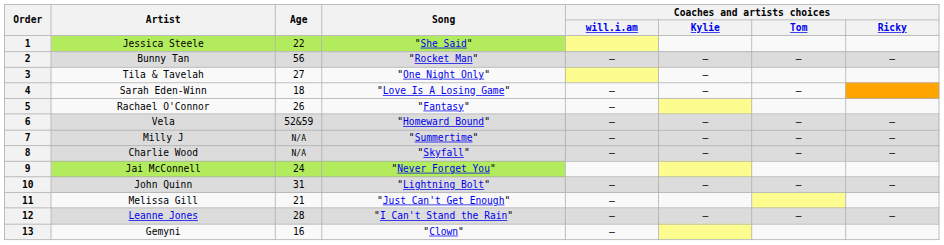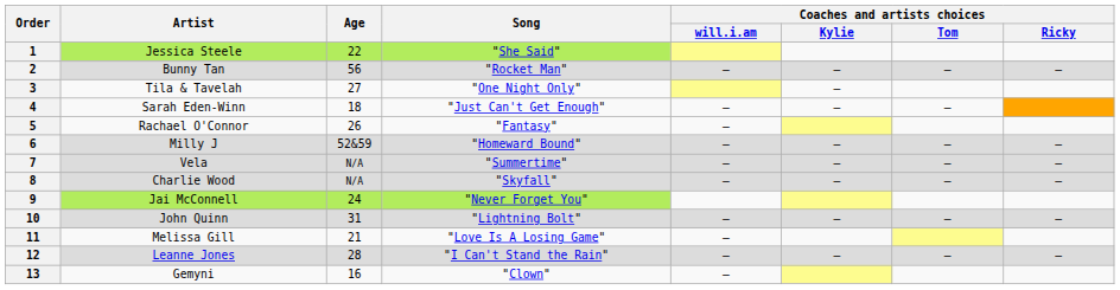 <table class="wikitable" style="text-align:center; width:100%;">
 <tr>
 <th scope="col" rowspan="2" style="width:05%;">Order</th>
 <th scope="col" rowspan="2" style="width:24%;">Artist</th>
 <th scope="col" rowspan="2" style="width:05%;">Age</th>
 <th scope="col" rowspan="2" style="width:26%;">Song</th>
 <th colspan="4" style="width:40%;">Coaches and artists choices</th>
 </tr>
 <tr>
 <th style="width:10%;"><a href='#'>will.i.am</a></th>
 <th style="width:10%;"><a href='#'>Kylie</a></th>
 <th style="width:10%;"><a href='#'>Tom</a></th>
 <th style="width:10%;"><a href='#'>Ricky</a></th>
 </tr>
 <tr>
 <th scope="col">1</th>
 <td style="background-color:#B2EC5D;">Jessica Steele</td>
 <td style="background-color:#B2EC5D;">22</td>
 <td style="background-color:#B2EC5D;">"<a href='#'>She Said</a>"</td>
 <td style="background:#fdfc8f;text-align:center;"><strong></strong></td>
 <td><strong></strong></td>
 <td><strong></strong></td>
 <td><strong></strong></td>
 </tr>
 <tr style="background:#DCDCDC">
 <th scope="col">2</th>
 <td style="background:#DCDCDC; text-align:center;">Bunny Tan</td>
 <td style="background:#DCDCDC; text-align:center;">56</td>
 <td style="background:#DCDCDC; text-align:center;">"<a href='#'>Rocket Man</a>"</td>
 <td>—</td>
 <td>—</td>
 <td>—</td>
 <td>—</td>
 </tr>
 <tr>
 <th scope="col">3</th>
 <td>Tila & Tavelah</td>
 <td>27</td>
 <td>"<a href='#'>One Night Only</a>"</td>
 <td style="background:#fdfc8f;text-align:center;"><strong></strong></td>
 <td>—</td>
 <td><strong></strong></td>
 <td><strong></strong></td>
 </tr>
 <tr>
 <th scope="col">4</th>
 <td>Sarah Eden-Winn</td>
 <td>18</td>
-<td>"<a href='#'>Love Is A Losing Game</a>"</td>
+<td>"<a href='#'>Just Can't Get Enough</a>"</td>
 <td>—</td>
 <td>—</td>
 <td>—</td>
 <td style="background:orange;text-align:center;"><strong></strong></td>
 </tr>
 <tr>
 <th scope="col">5</th>
 <td>Rachael O'Connor</td>
 <td>26</td>
 <td>"<a href='#'>Fantasy</a>"</td>
 <td>—</td>
 <td style="background:#fdfc8f;text-align:center;"><strong></strong></td>
 <td><strong></strong></td>
 <td><strong></strong></td>
 </tr>
 <tr style="background:#DCDCDC">
 <th scope="col">6</th>
-<td style="background:#DCDCDC; text-align:center;">Vela</td>
+<td style="background:#DCDCDC; text-align:center;">Milly J</td>
 <td style="background:#DCDCDC; text-align:center;">52&59</td>
 <td style="background:#DCDCDC; text-align:center;">"<a href='#'>Homeward Bound</a>"</td>
 <td>—</td>
 <td>—</td>
 <td>—</td>
 <td>—</td>
 </tr>
 <tr style="background:#DCDCDC">
 <th scope="col">7</th>
-<td style="background:#DCDCDC; text-align:center;">Milly J</td>
+<td style="background:#DCDCDC; text-align:center;">Vela</td>
 <td style="background:#DCDCDC; text-align:center;"><small>N/A</small></td>
 <td style="background:#DCDCDC; text-align:center;">"<a href='#'>Summertime</a>"</td>
 <td>—</td>
 <td>—</td>
 <td>—</td>
 <td>—</td>
 </tr>
 <tr style="background:#DCDCDC">
 <th scope="col">8</th>
 <td style="background:#DCDCDC; text-align:center;">Charlie Wood</td>
 <td style="background:#DCDCDC; text-align:center;"><small>N/A</small></td>
 <td style="background:#DCDCDC; text-align:center;">"<a href='#'>Skyfall</a>"</td>
 <td>—</td>
 <td>—</td>
 <td>—</td>
 <td>—</td>
 </tr>
 <tr>
 <th scope="col">9</th>
 <td style="background-color:#B2EC5D;">Jai McConnell</td>
 <td style="background-color:#B2EC5D;">24</td>
 <td style="background-color:#B2EC5D;">"<a href='#'>Never Forget You</a>"</td>
 <td><strong></strong></td>
 <td style="background:#fdfc8f;text-align:center;"><strong></strong></td>
 <td><strong></strong></td>
 <td><strong></strong></td>
 </tr>
 <tr style="background:#DCDCDC">
 <th scope="col">10</th>
 <td style="background:#DCDCDC; text-align:center;">John Quinn</td>
 <td style="background:#DCDCDC; text-align:center;">31</td>
 <td style="background:#DCDCDC; text-align:center;">"<a href='#'>Lightning Bolt</a>"</td>
 <td>—</td>
 <td>—</td>
 <td>—</td>
 <td>—</td>
 </tr>
 <tr>
 <th scope="col">11</th>
 <td>Melissa Gill</td>
 <td>21</td>
-<td>"<a href='#'>Just Can't Get Enough</a>"</td>
+<td>"<a href='#'>Love Is A Losing Game</a>"</td>
 <td>—</td>
 <td><strong></strong></td>
 <td style="background:#fdfc8f;text-align:center;"><strong></strong></td>
 <td><strong></strong></td>
 </tr>
 <tr style="background:#DCDCDC">
 <th scope="col">12</th>
 <td style="background:#DCDCDC; text-align:center;"><a href='#'>Leanne Jones</a></td>
 <td style="background:#DCDCDC; text-align:center;">28</td>
 <td style="background:#DCDCDC; text-align:center;">"<a href='#'>I Can't Stand the Rain</a>"</td>
 <td>—</td>
 <td>—</td>
 <td>—</td>
 <td>—</td>
 </tr>
 <tr>
 <th scope="col">13</th>
 <td>Gemyni</td>
 <td>16</td>
 <td>"<a href='#'>Clown</a>"</td>
 <td>—</td>
 <td style="background:#fdfc8f;text-align:center;"><strong></strong></td>
 <td><strong></strong></td>
 <td><strong></strong></td>
 </tr>
 </table>
